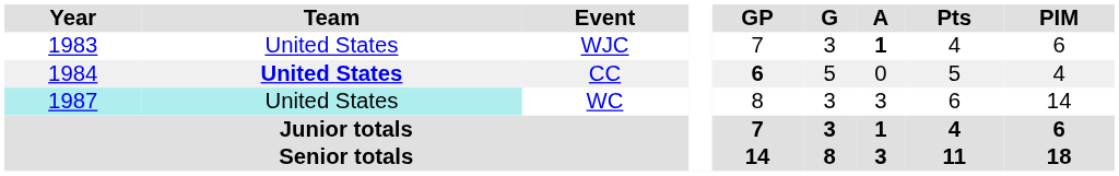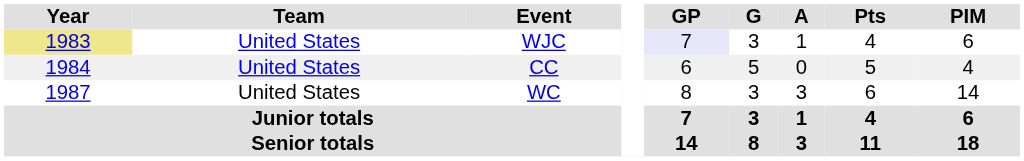 <table border="0" cellpadding="1" cellspacing="0" style="text-align:center; width:50em">
 <tr ALIGN="center" bgcolor="#e0e0e0">
 <th>Year</th>
 <th>Team</th>
 <th>Event</th>
 <th rowspan="99" bgcolor="#ffffff"> </th>
 <th>GP</th>
 <th>G</th>
 <th>A</th>
 <th>Pts</th>
 <th>PIM</th>
 </tr>
 <tr>
-<td><a href='#'>1983</a></td>
+<td style="background: khaki;"><a href='#'>1983</a></td>
 <td><a href='#'>United States</a></td>
 <td><a href='#'>WJC</a></td>
-<td>7</td>
+<td style="background: lavender;">7</td>
 <td>3</td>
-<td><strong>1</strong></td>
+<td>1</td>
 <td>4</td>
 <td>6</td>
 </tr>
 <tr bgcolor="#f0f0f0">
 <td><a href='#'>1984</a></td>
-<td><strong><a href='#'>United States</a></strong></td>
+<td><a href='#'>United States</a></td>
 <td><a href='#'>CC</a></td>
-<td><strong>6</strong></td>
+<td>6</td>
 <td>5</td>
 <td>0</td>
 <td>5</td>
 <td>4</td>
 </tr>
 <tr>
-<td style="background: paleturquoise;"><a href='#'>1987</a></td>
-<td style="background: paleturquoise;">United States</td>
+<td><a href='#'>1987</a></td>
+<td>United States</td>
 <td><a href='#'>WC</a></td>
 <td>8</td>
 <td>3</td>
 <td>3</td>
 <td>6</td>
 <td>14</td>
 </tr>
 <tr bgcolor="#e0e0e0">
 <th colspan=3>Junior totals</th>
 <th>7</th>
 <th>3</th>
 <th>1</th>
 <th>4</th>
 <th>6</th>
 </tr>
 <tr bgcolor="#e0e0e0">
 <th colspan=3>Senior totals</th>
 <th>14</th>
 <th>8</th>
 <th>3</th>
 <th>11</th>
 <th>18</th>
 </tr>
 </table>
